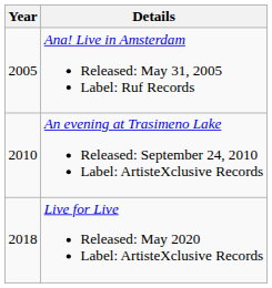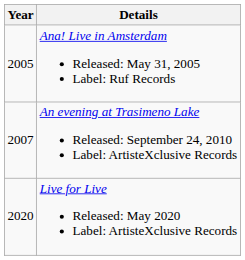 <table class=wikitable style=text-align:center;>
 <tr>
 <th>Year</th>
 <th>Details</th>
 </tr>
 <tr>
 <td>2005</td>
 <td align=left><em><a href='#'>Ana! Live in Amsterdam</a></em><br><ul><li>Released: May 31, 2005</li><li>Label: Ruf Records</li></ul></td>
 </tr>
 <tr>
-<td>2010</td>
+<td>2007</td>
 <td align=left><em><a href='#'>An evening at Trasimeno Lake</a></em><br><ul><li>Released: September 24, 2010</li><li>Label: ArtisteXclusive Records</li></ul></td>
 </tr>
 <tr>
-<td>2018</td>
+<td>2020</td>
 <td align=left><em><a href='#'>Live for Live</a></em><br><ul><li>Released: May 2020</li><li>Label: ArtisteXclusive Records</li></ul></td>
 </tr>
 </table>
